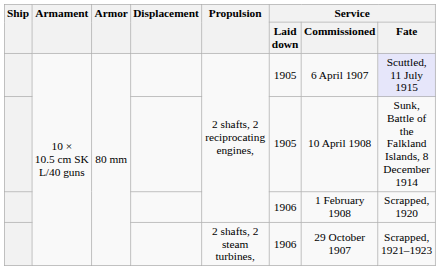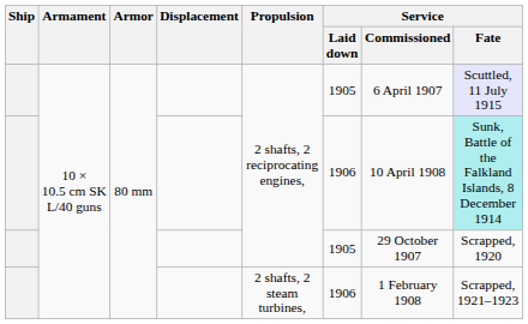 <table class="wikitable plainrowheaders" style="text-align: center;">
 <tr valign="top">
 <th scope="col" rowspan="2">Ship</th>
 <th scope="col" rowspan="2">Armament</th>
 <th scope="col" rowspan="2">Armor</th>
 <th scope="col" rowspan="2">Displacement</th>
 <th scope="col" rowspan="2">Propulsion</th>
 <th scope="col" colspan="3">Service</th>
 </tr>
 <tr valign="top">
 <th scope="col">Laid down</th>
 <th scope="col">Commissioned</th>
 <th scope="col">Fate</th>
 </tr>
 <tr valign="center">
 <th scope="row"></th>
 <td rowspan="4">10 × 10.5 cm SK L/40 guns</td>
 <td rowspan="4">80 mm</td>
 <td></td>
 <td rowspan="3">2 shafts, 2 reciprocating engines, </td>
 <td>1905</td>
 <td>6 April 1907</td>
 <td style="background: lavender;">Scuttled, 11 July 1915</td>
 </tr>
 <tr valign="center">
 <th scope="row"></th>
 <td></td>
-<td>1905</td>
+<td>1906</td>
 <td>10 April 1908</td>
-<td>Sunk, Battle of the Falkland Islands, 8 December 1914</td>
+<td style="background: paleturquoise;">Sunk, Battle of the Falkland Islands, 8 December 1914</td>
 </tr>
 <tr valign="center">
 <th scope="row"></th>
 <td></td>
-<td>1906</td>
-<td>1 February 1908</td>
+<td>1905</td>
+<td>29 October 1907</td>
 <td>Scrapped, 1920</td>
 </tr>
 <tr valign="center">
 <th scope="row"></th>
 <td></td>
 <td>2 shafts, 2 steam turbines, </td>
 <td>1906</td>
-<td>29 October 1907</td>
+<td>1 February 1908</td>
 <td>Scrapped, 1921–1923</td>
 </tr>
 </table>
